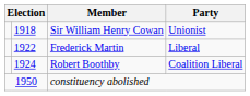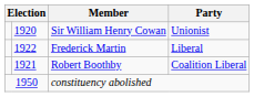 <table class="wikitable">
 <tr>
 <th colspan="2">Election</th>
 <th>Member</th>
 <th>Party</th>
 </tr>
 <tr>
 <td style="color:inherit;background-color: "></td>
-<td><a href='#'>1918</a></td>
+<td><a href='#'>1920</a></td>
 <td><a href='#'>Sir William Henry Cowan</a></td>
 <td><a href='#'>Unionist</a></td>
 </tr>
 <tr>
 <td style="color:inherit;background-color: "></td>
 <td><a href='#'>1922</a></td>
 <td><a href='#'>Frederick Martin</a></td>
 <td><a href='#'>Liberal</a></td>
 </tr>
 <tr>
 <td style="color:inherit;background-color: "></td>
-<td><a href='#'>1924</a></td>
+<td><a href='#'>1921</a></td>
 <td><a href='#'>Robert Boothby</a></td>
 <td><a href='#'>Coalition Liberal</a></td>
 </tr>
 <tr>
 <td colspan="2" align="center"><a href='#'>1950</a></td>
 <td colspan="2"><em>constituency abolished</em></td>
 </tr>
 </table>
